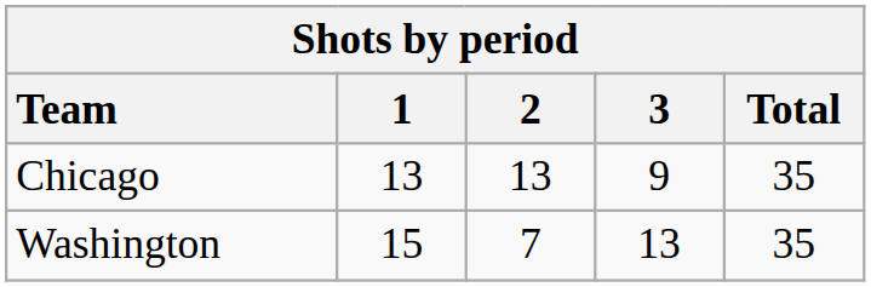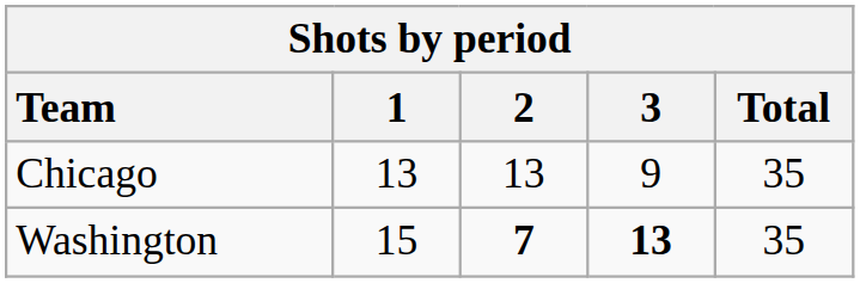 <table class="wikitable" style="width:20em; text-align:right;">
 <tr>
 <th colspan=5>Shots by period</th>
 </tr>
 <tr>
 <th style="width:8em; text-align:left;">Team</th>
 <th style="width:3em;">1</th>
 <th style="width:3em;">2</th>
 <th style="width:3em;">3</th>
 <th style="width:3em;">Total</th>
 </tr>
 <tr>
 <td style="text-align:left;">Chicago</td>
 <td align=center>13</td>
 <td align=center>13</td>
 <td align=center>9</td>
 <td align=center>35</td>
 </tr>
 <tr>
 <td style="text-align:left;">Washington</td>
 <td align=center>15</td>
-<td align=center>7</td>
-<td align=center>13</td>
+<td align=center><strong>7</strong></td>
+<td align=center><strong>13</strong></td>
 <td align=center>35</td>
 </tr>
 </table>
